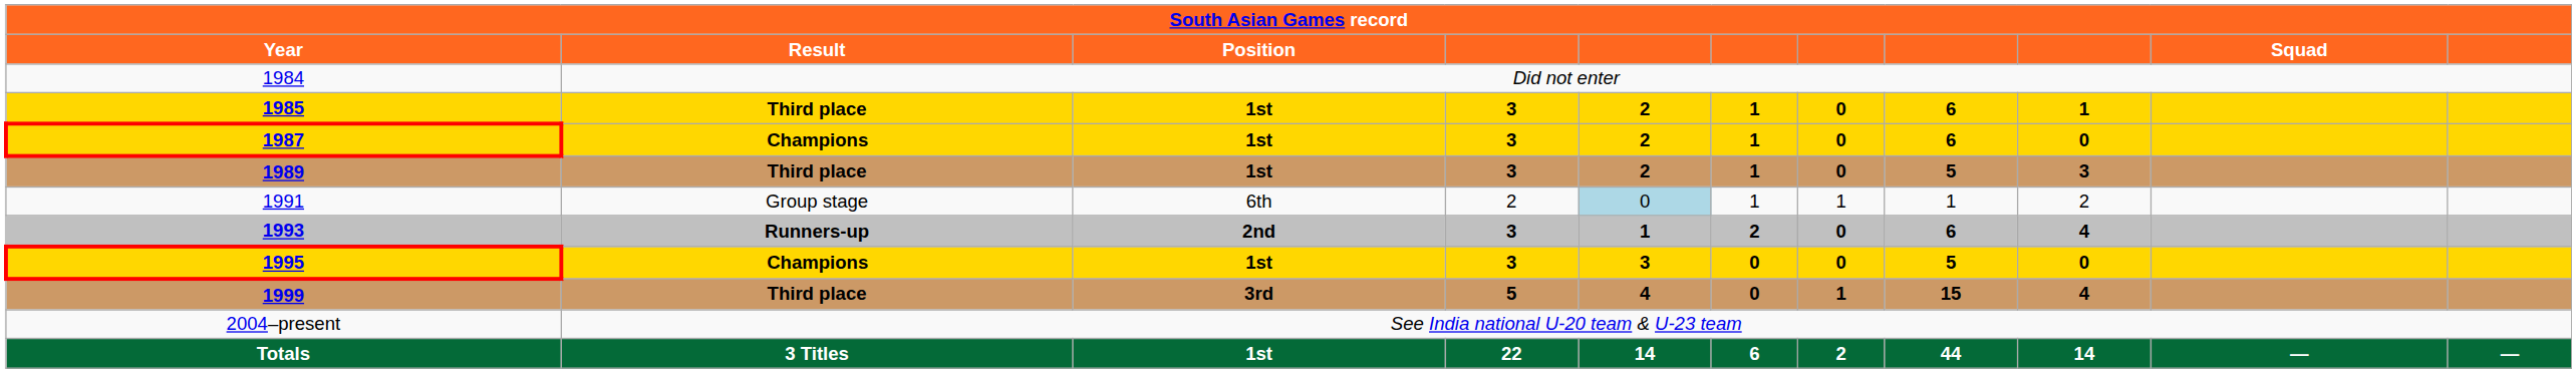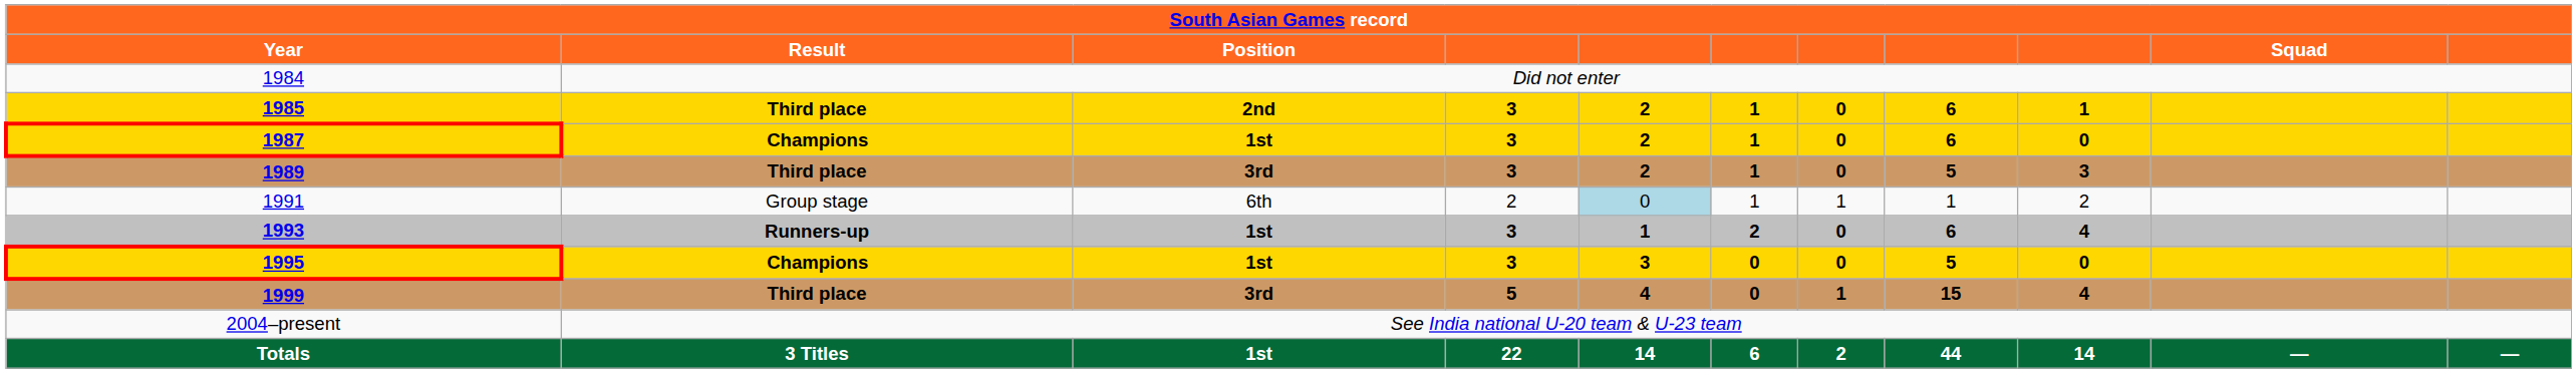 <table class="wikitable" style="font-size:90%; text-align:center;" width="100%" class="wikitable">
 <tr>
 <th colspan=11 style="background:#FF671F; color:white; "><a href='#'>South Asian Games</a> record</th>
 </tr>
 <tr>
 <th style="background:#FF671F; color:white; ">Year</th>
 <th style="background:#FF671F; color:white; ">Result</th>
 <th style="background:#FF671F; color:white; ">Position</th>
 <th style="background:#FF671F; color:white; "></th>
 <th style="background:#FF671F; color:white; "></th>
 <th style="background:#FF671F; color:white; "></th>
 <th style="background:#FF671F; color:white; "></th>
 <th style="background:#FF671F; color:white; "></th>
 <th style="background:#FF671F; color:white; "></th>
 <th style="background:#FF671F; color:white; ">Squad</th>
 <th style="background:#FF671F; color:white; "></th>
 </tr>
 <tr>
 <td> <a href='#'>1984</a></td>
 <td colspan=10><em>Did not enter</em></td>
 </tr>
 <tr style="background:gold;">
 <td> <strong><a href='#'>1985</a></strong></td>
 <td><strong>Third place</strong></td>
-<td><strong>1st</strong></td>
+<td><strong>2nd</strong></td>
 <td><strong>3</strong></td>
 <td><strong>2</strong></td>
 <td><strong>1</strong></td>
 <td><strong>0</strong></td>
 <td><strong>6</strong></td>
 <td><strong>1</strong></td>
 <td></td>
 <td></td>
 </tr>
 <tr style="background:gold;">
 <td style="border:3px solid red"> <strong><a href='#'>1987</a></strong></td>
 <td><strong>Champions</strong></td>
 <td><strong>1st</strong></td>
 <td><strong>3</strong></td>
 <td><strong>2</strong></td>
 <td><strong>1</strong></td>
 <td><strong>0</strong></td>
 <td><strong>6</strong></td>
 <td><strong>0</strong></td>
 <td></td>
 <td></td>
 </tr>
 <tr style="background:#c96">
 <td> <strong><a href='#'>1989</a></strong></td>
 <td><strong>Third place</strong></td>
-<td><strong>1st</strong></td>
+<td><strong>3rd</strong></td>
 <td><strong>3</strong></td>
 <td><strong>2</strong></td>
 <td><strong>1</strong></td>
 <td><strong>0</strong></td>
 <td><strong>5</strong></td>
 <td><strong>3</strong></td>
 <td></td>
 <td></td>
 </tr>
 <tr>
 <td> <a href='#'>1991</a></td>
 <td>Group stage</td>
 <td>6th</td>
 <td>2</td>
 <td style="background: lightblue;">0</td>
 <td>1</td>
 <td>1</td>
 <td>1</td>
 <td>2</td>
 <td></td>
 <td></td>
 </tr>
 <tr style="background:silver;">
 <td> <strong><a href='#'>1993</a></strong></td>
 <td><strong>Runners-up</strong></td>
-<td><strong>2nd</strong></td>
+<td><strong>1st</strong></td>
 <td><strong>3</strong></td>
 <td><strong>1</strong></td>
 <td><strong>2</strong></td>
 <td><strong>0</strong></td>
 <td><strong>6</strong></td>
 <td><strong>4</strong></td>
 <td></td>
 <td></td>
 </tr>
 <tr style="background:gold;">
 <td style="border: 3px solid red"> <strong><a href='#'>1995</a></strong></td>
 <td><strong>Champions</strong></td>
 <td><strong>1st</strong></td>
 <td><strong>3</strong></td>
 <td><strong>3</strong></td>
 <td><strong>0</strong></td>
 <td><strong>0</strong></td>
 <td><strong>5</strong></td>
 <td><strong>0</strong></td>
 <td></td>
 <td></td>
 </tr>
 <tr style="background:#c96;">
 <td> <strong><a href='#'>1999</a></strong></td>
 <td><strong>Third place</strong></td>
 <td><strong>3rd</strong></td>
 <td><strong>5</strong></td>
 <td><strong>4</strong></td>
 <td><strong>0</strong></td>
 <td><strong>1</strong></td>
 <td><strong>15</strong></td>
 <td><strong>4</strong></td>
 <td></td>
 <td></td>
 </tr>
 <tr>
 <td> <a href='#'>2004</a>–present</td>
 <td colspan=10><em>See <a href='#'>India national U-20 team</a> & <a href='#'>U-23 team</a></em></td>
 </tr>
 <tr>
 <th style="background:#046A38; color:white; "><strong>Totals</strong></th>
 <th style="background:#046A38; color:white; ">3 Titles</th>
 <th style="background:#046A38; color:white; ">1st</th>
 <th style="background:#046A38; color:white; ">22</th>
 <th style="background:#046A38; color:white; ">14</th>
 <th style="background:#046A38; color:white; ">6</th>
 <th style="background:#046A38; color:white; ">2</th>
 <th style="background:#046A38; color:white; ">44</th>
 <th style="background:#046A38; color:white; ">14</th>
 <th style="background:#046A38; color:white; ">—</th>
 <th style="background:#046A38; color:white; ">—</th>
 </tr>
 </table>
